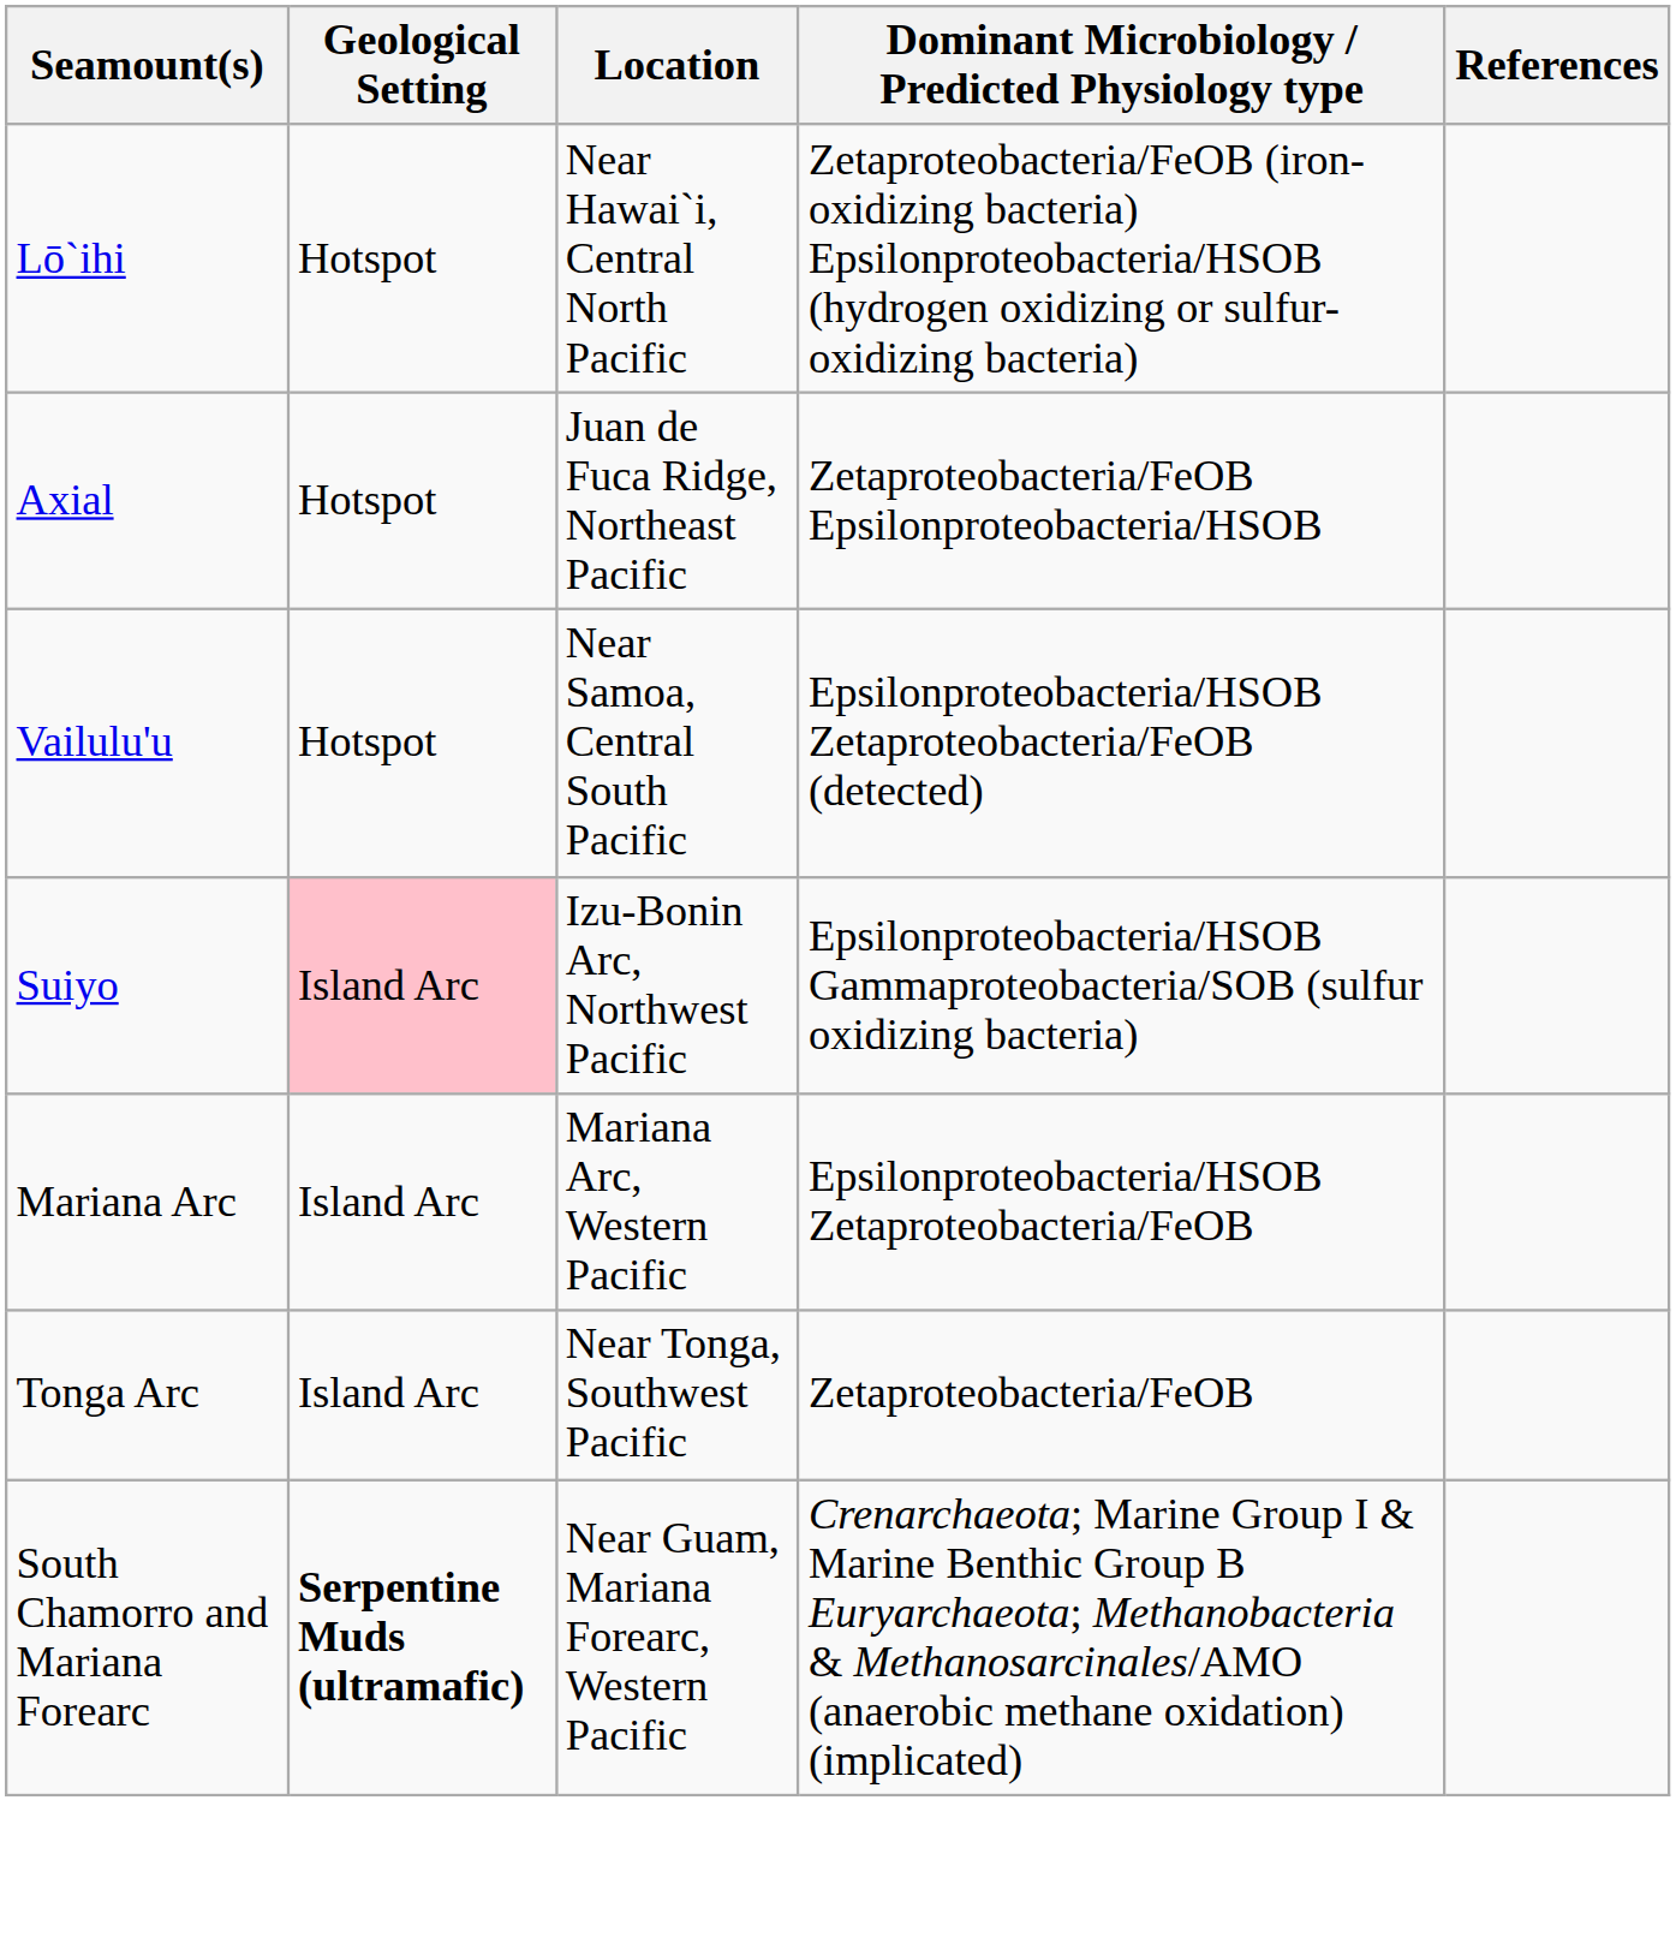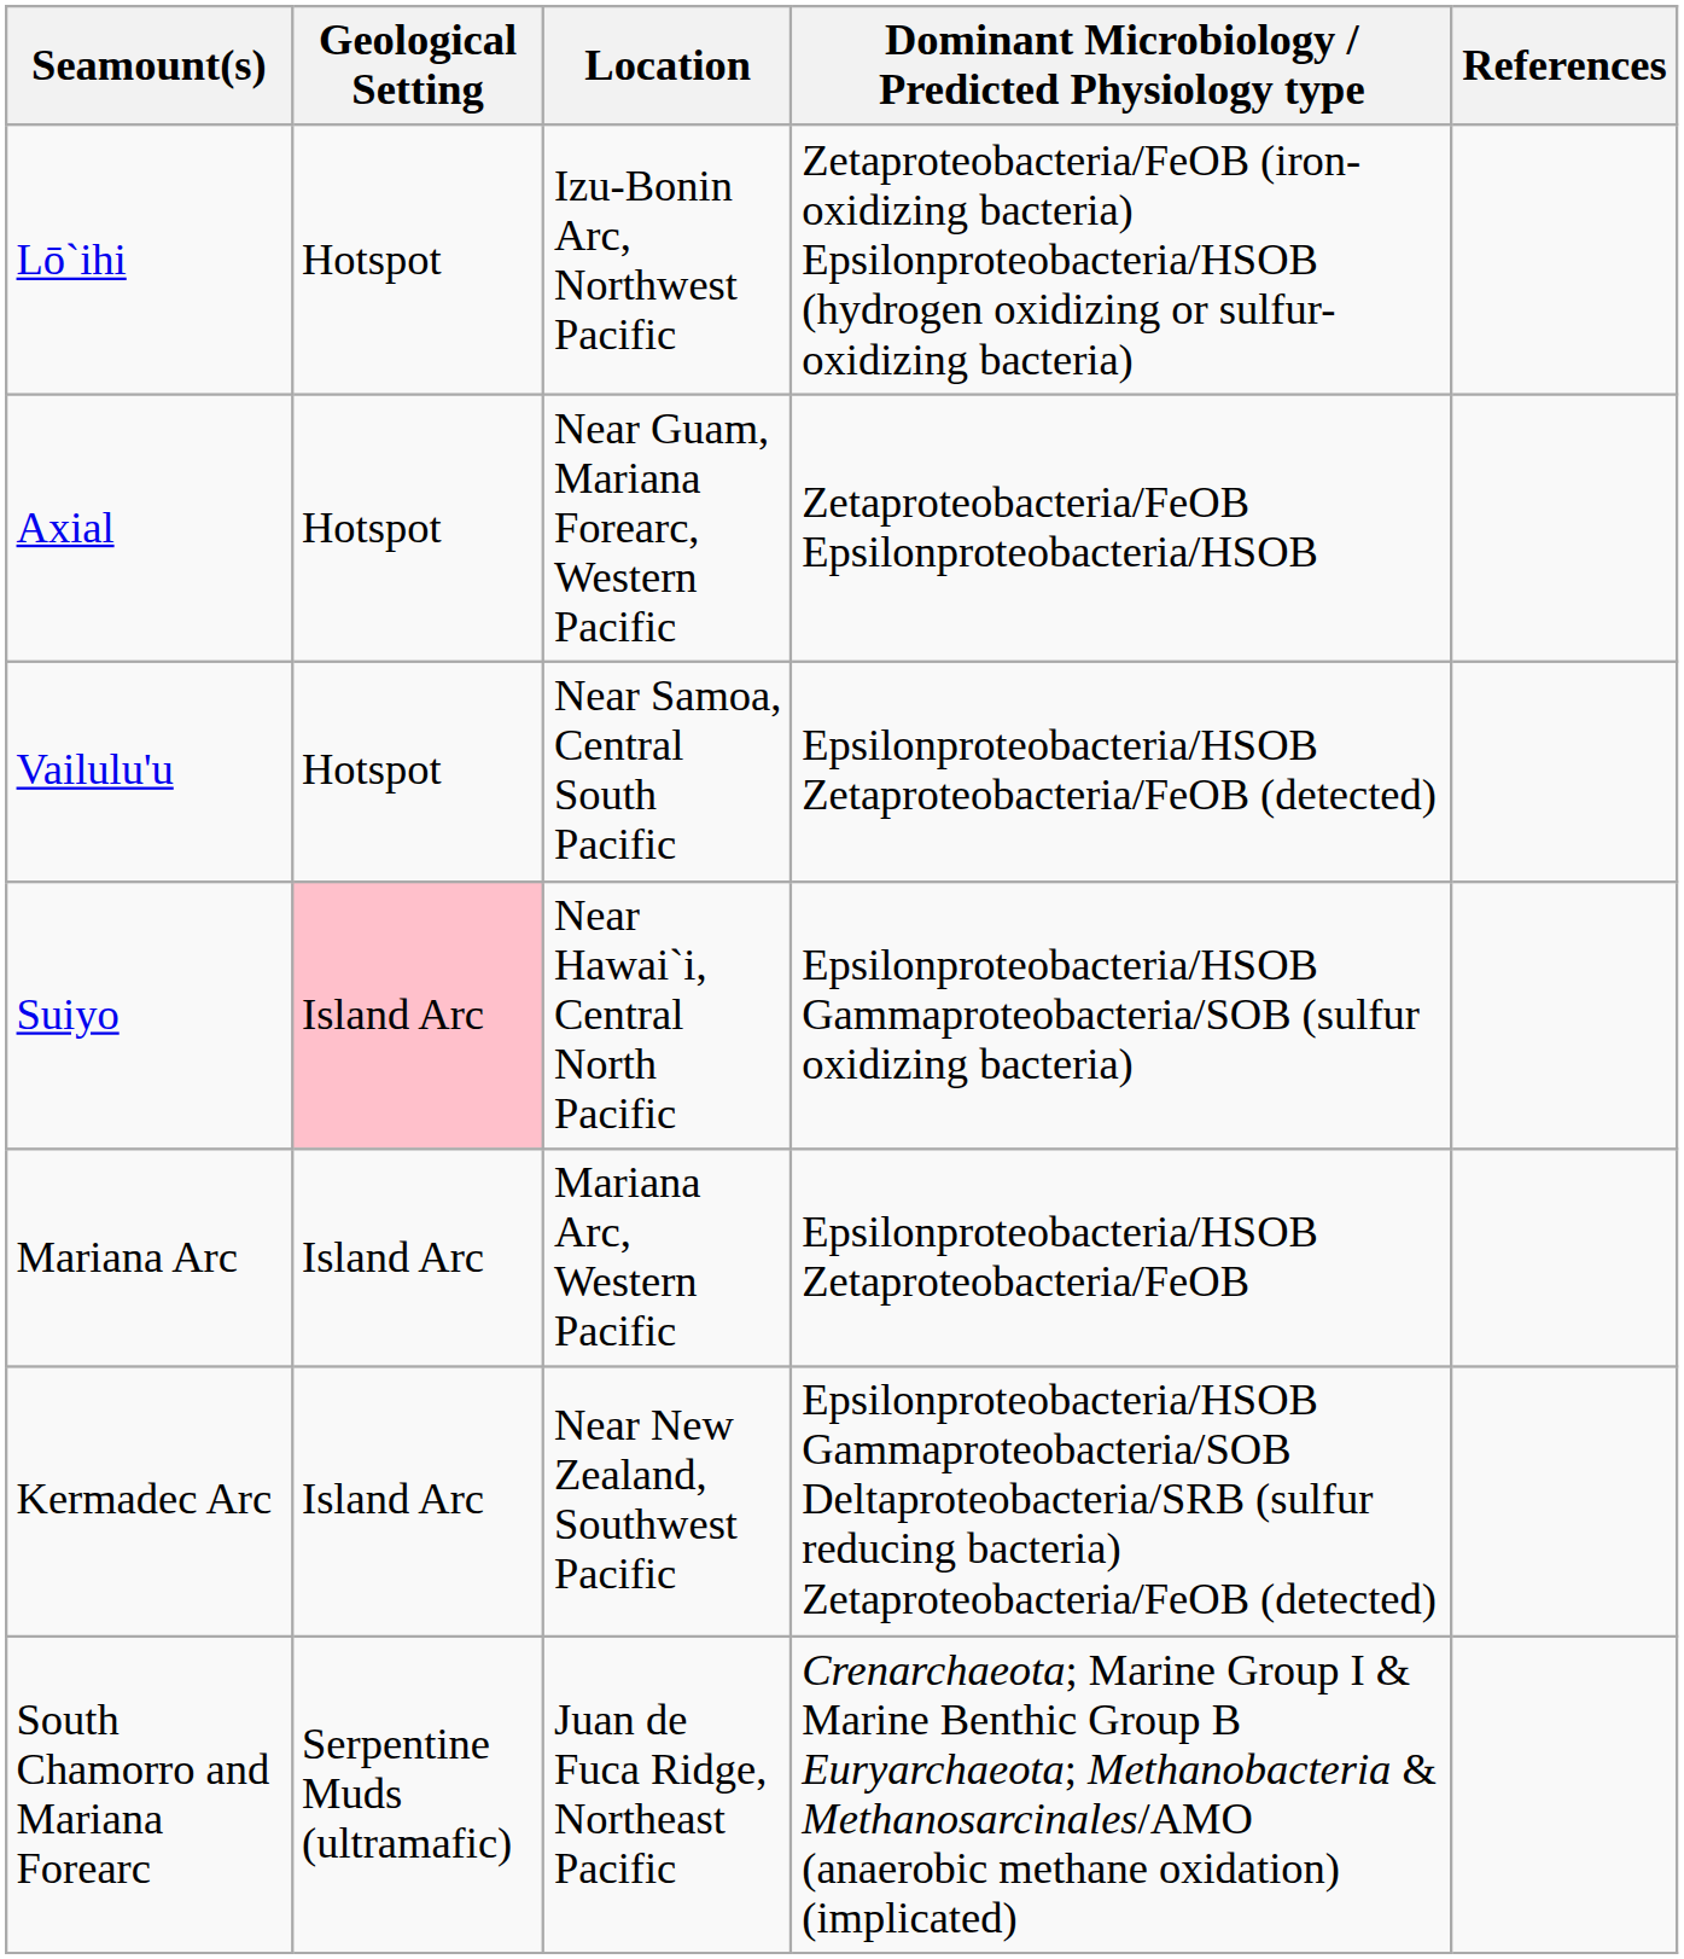 <table class="wikitable">
 <tr>
 <th>Seamount(s)</th>
 <th>Geological Setting</th>
 <th>Location</th>
 <th>Dominant Microbiology / Predicted Physiology type</th>
 <th>References</th>
 </tr>
 <tr>
 <td><a href='#'>Lō`ihi</a></td>
 <td>Hotspot</td>
-<td>Near Hawai`i, Central North Pacific</td>
+<td>Izu-Bonin Arc, Northwest Pacific</td>
 <td>Zetaproteobacteria/FeOB (iron-oxidizing bacteria) Epsilonproteobacteria/HSOB (hydrogen oxidizing or sulfur-oxidizing bacteria)</td>
 <td></td>
 </tr>
 <tr>
 <td><a href='#'>Axial</a></td>
 <td>Hotspot</td>
-<td>Juan de Fuca Ridge, Northeast Pacific</td>
+<td>Near Guam, Mariana Forearc, Western Pacific</td>
 <td>Zetaproteobacteria/FeOB<br>Epsilonproteobacteria/HSOB</td>
 <td></td>
 </tr>
 <tr>
 <td><a href='#'>Vailulu'u</a></td>
 <td>Hotspot</td>
 <td>Near Samoa, Central South Pacific</td>
 <td>Epsilonproteobacteria/HSOB<br>Zetaproteobacteria/FeOB (detected)</td>
 <td></td>
 </tr>
 <tr>
 <td><a href='#'>Suiyo</a></td>
 <td style="background: pink;">Island Arc</td>
-<td>Izu-Bonin Arc, Northwest Pacific</td>
+<td>Near Hawai`i, Central North Pacific</td>
 <td>Epsilonproteobacteria/HSOB<br>Gammaproteobacteria/SOB (sulfur oxidizing bacteria)</td>
 <td></td>
 </tr>
 <tr>
 <td>Mariana Arc</td>
 <td>Island Arc</td>
 <td>Mariana Arc, Western Pacific</td>
 <td>Epsilonproteobacteria/HSOB<br>Zetaproteobacteria/FeOB</td>
 <td></td>
 </tr>
 <tr>
-<td>Tonga Arc</td>
+<td>Kermadec Arc</td>
 <td>Island Arc</td>
-<td>Near Tonga, Southwest Pacific</td>
-<td>Zetaproteobacteria/FeOB</td>
+<td>Near New Zealand, Southwest Pacific</td>
+<td>Epsilonproteobacteria/HSOB<br>Gammaproteobacteria/SOB Deltaproteobacteria/SRB (sulfur reducing bacteria) Zetaproteobacteria/FeOB (detected)</td>
 <td></td>
 </tr>
 <tr>
 <td>South Chamorro and Mariana Forearc</td>
-<td><strong>Serpentine Muds (ultramafic)</strong></td>
-<td>Near Guam, Mariana Forearc, Western Pacific</td>
+<td>Serpentine Muds (ultramafic)</td>
+<td>Juan de Fuca Ridge, Northeast Pacific</td>
 <td><em>Crenarchaeota</em>; Marine Group I & Marine Benthic Group B<br><em>Euryarchaeota</em>; <em>Methanobacteria</em> & <em>Methanosarcinales</em>/AMO (anaerobic methane oxidation) (implicated)</td>
 <td></td>
 </tr>
 </table>
